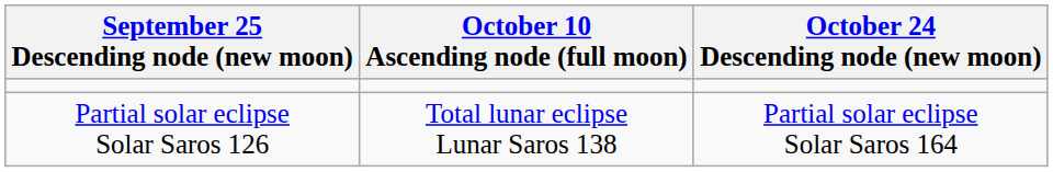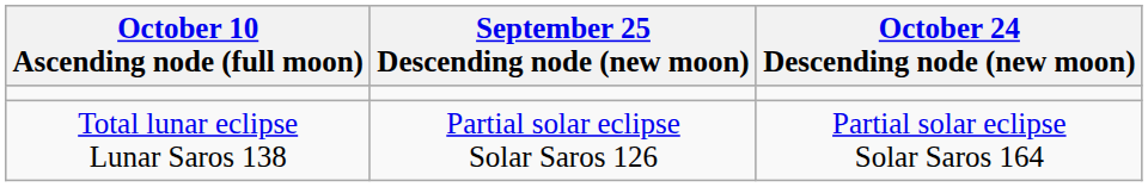 <table class="wikitable">
 <tr>
+<th><a href='#'>October 10</a><br>Ascending node (full moon)<br></th>
 <th><a href='#'>September 25</a><br>Descending node (new moon)<br></th>
-<th><a href='#'>October 10</a><br>Ascending node (full moon)<br></th>
 <th><a href='#'>October 24</a><br>Descending node (new moon)<br></th>
 </tr>
 <tr>
 <td></td>
 <td></td>
 <td></td>
 </tr>
 <tr align=center>
+<td><a href='#'>Total lunar eclipse</a><br>Lunar Saros 138</td>
 <td><a href='#'>Partial solar eclipse</a><br>Solar Saros 126</td>
-<td><a href='#'>Total lunar eclipse</a><br>Lunar Saros 138</td>
 <td><a href='#'>Partial solar eclipse</a><br>Solar Saros 164</td>
 </tr>
 </table>
